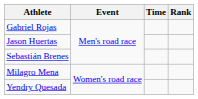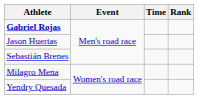 <table class="wikitable" style="font-size:90%">
 <tr>
 <th>Athlete</th>
 <th>Event</th>
 <th>Time</th>
 <th>Rank</th>
 </tr>
 <tr>
-<td><a href='#'>Gabriel Rojas</a></td>
+<td><strong><a href='#'>Gabriel Rojas</a></strong></td>
 <td align=center rowspan=3><a href='#'>Men's road race</a></td>
 <td></td>
 <td></td>
 </tr>
 <tr>
 <td><a href='#'>Jason Huertas</a></td>
 <td></td>
 <td></td>
 </tr>
 <tr>
 <td><a href='#'>Sebastián Brenes</a></td>
 <td></td>
 <td></td>
 </tr>
 <tr>
 <td><a href='#'>Milagro Mena</a></td>
 <td align=center rowspan=2><a href='#'>Women's road race</a></td>
 <td></td>
 <td></td>
 </tr>
 <tr>
 <td><a href='#'>Yendry Quesada</a></td>
 <td></td>
 <td></td>
 </tr>
 </table>
